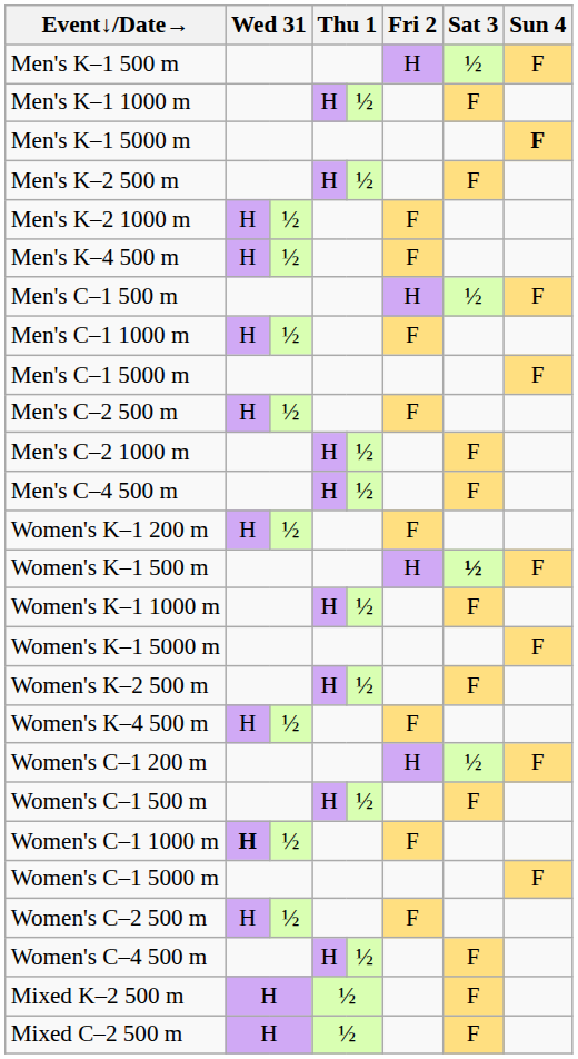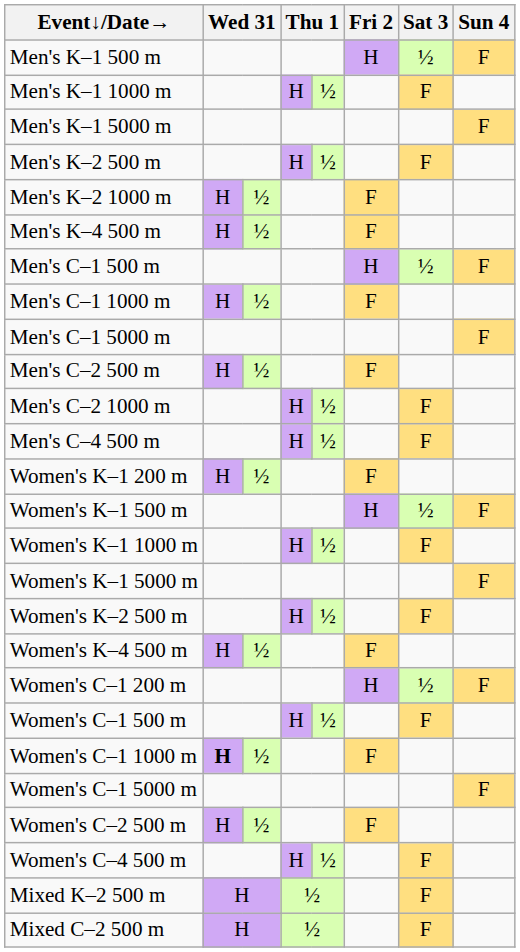 <table class=wikitable style="font-size:90%; text-align:center">
 <tr>
 <th>Event↓/Date→</th>
 <th colspan=2>Wed 31</th>
 <th colspan=2>Thu 1</th>
 <th>Fri 2</th>
 <th>Sat 3</th>
 <th>Sun 4</th>
 </tr>
 <tr>
 <td align=left>Men's K–1 500 m</td>
 <td colspan=2></td>
 <td colspan=2></td>
 <td bgcolor=#d0a9f5>H</td>
 <td bgcolor=#d9ffb2>½</td>
 <td bgcolor=#ffdf80>F</td>
 </tr>
 <tr>
 <td align=left>Men's K–1 1000 m</td>
 <td colspan=2></td>
 <td bgcolor=#d0a9f5>H</td>
 <td bgcolor=#d9ffb2>½</td>
 <td></td>
 <td bgcolor=#ffdf80>F</td>
 <td></td>
 </tr>
 <tr>
 <td align=left>Men's K–1 5000 m</td>
 <td colspan=2></td>
 <td colspan=2></td>
 <td></td>
 <td></td>
-<td bgcolor=#ffdf80><strong>F</strong></td>
+<td bgcolor=#ffdf80>F</td>
 </tr>
 <tr>
 <td align=left>Men's K–2 500 m</td>
 <td colspan=2></td>
 <td bgcolor=#d0a9f5>H</td>
 <td bgcolor=#d9ffb2>½</td>
 <td></td>
 <td bgcolor=#ffdf80>F</td>
 </tr>
 <tr>
 <td align=left>Men's K–2 1000 m</td>
 <td bgcolor=#d0a9f5>H</td>
 <td bgcolor=#d9ffb2>½</td>
 <td colspan=2></td>
 <td bgcolor=#ffdf80>F</td>
 <td></td>
 <td></td>
 </tr>
 <tr>
 <td align=left>Men's K–4 500 m</td>
 <td bgcolor=#d0a9f5>H</td>
 <td bgcolor=#d9ffb2>½</td>
 <td colspan=2></td>
 <td bgcolor=#ffdf80>F</td>
 <td></td>
 <td></td>
 </tr>
 <tr>
 <td align=left>Men's C–1 500 m</td>
 <td colspan=2></td>
 <td colspan=2></td>
 <td bgcolor=#d0a9f5>H</td>
 <td bgcolor=#d9ffb2>½</td>
 <td bgcolor=#ffdf80>F</td>
 </tr>
 <tr>
 <td align=left>Men's C–1 1000 m</td>
 <td bgcolor=#d0a9f5>H</td>
 <td bgcolor=#d9ffb2>½</td>
 <td colspan=2></td>
 <td bgcolor=#ffdf80>F</td>
 <td></td>
 <td></td>
 </tr>
 <tr>
 <td align=left>Men's C–1 5000 m</td>
 <td colspan=2></td>
 <td colspan=2></td>
 <td></td>
 <td></td>
 <td bgcolor=#ffdf80>F</td>
 </tr>
 <tr>
 <td align=left>Men's C–2 500 m</td>
 <td bgcolor=#d0a9f5>H</td>
 <td bgcolor=#d9ffb2>½</td>
 <td colspan=2></td>
 <td bgcolor=#ffdf80>F</td>
 <td></td>
 <td></td>
 </tr>
 <tr>
 <td align=left>Men's C–2 1000 m</td>
 <td colspan=2></td>
 <td bgcolor=#d0a9f5>H</td>
 <td bgcolor=#d9ffb2>½</td>
 <td></td>
 <td bgcolor=#ffdf80>F</td>
 <td></td>
 </tr>
 <tr>
 <td align=left>Men's C–4 500 m</td>
 <td colspan=2></td>
 <td bgcolor=#d0a9f5>H</td>
 <td bgcolor=#d9ffb2>½</td>
 <td></td>
 <td bgcolor=#ffdf80>F</td>
 <td></td>
 </tr>
 <tr>
 <td align=left>Women's K–1 200 m</td>
 <td bgcolor=#d0a9f5>H</td>
 <td bgcolor=#d9ffb2>½</td>
 <td colspan=2></td>
 <td bgcolor=#ffdf80>F</td>
 <td></td>
 <td></td>
 </tr>
 <tr>
 <td align=left>Women's K–1 500 m</td>
 <td colspan=2></td>
 <td colspan=2></td>
 <td bgcolor=#d0a9f5>H</td>
-<td bgcolor=#d9ffb2><strong>½</strong></td>
+<td bgcolor=#d9ffb2>½</td>
 <td bgcolor=#ffdf80>F</td>
 </tr>
 <tr>
 <td align=left>Women's K–1 1000 m</td>
 <td colspan=2></td>
 <td bgcolor=#d0a9f5>H</td>
 <td bgcolor=#d9ffb2>½</td>
 <td></td>
 <td bgcolor=#ffdf80>F</td>
 <td></td>
 </tr>
 <tr>
 <td align=left>Women's K–1 5000 m</td>
 <td colspan=2></td>
 <td colspan=2></td>
 <td></td>
 <td></td>
 <td bgcolor=#ffdf80>F</td>
 </tr>
 <tr>
 <td align=left>Women's K–2 500 m</td>
 <td colspan=2></td>
 <td bgcolor=#d0a9f5>H</td>
 <td bgcolor=#d9ffb2>½</td>
 <td></td>
 <td bgcolor=#ffdf80>F</td>
 <td></td>
 </tr>
 <tr>
 <td align=left>Women's K–4 500 m</td>
 <td bgcolor=#d0a9f5>H</td>
 <td bgcolor=#d9ffb2>½</td>
 <td colspan=2></td>
 <td bgcolor=#ffdf80>F</td>
 <td></td>
 <td></td>
 </tr>
 <tr>
 <td align=left>Women's C–1 200 m</td>
 <td colspan=2></td>
 <td colspan=2></td>
 <td bgcolor=#d0a9f5>H</td>
 <td bgcolor=#d9ffb2>½</td>
 <td bgcolor=#ffdf80>F</td>
 </tr>
 <tr>
 <td align=left>Women's C–1 500 m</td>
 <td colspan=2></td>
 <td bgcolor=#d0a9f5>H</td>
 <td bgcolor=#d9ffb2>½</td>
 <td></td>
 <td bgcolor=#ffdf80>F</td>
 <td></td>
 </tr>
 <tr>
 <td align=left>Women's C–1 1000 m</td>
 <td bgcolor=#d0a9f5><strong>H</strong></td>
 <td bgcolor=#d9ffb2>½</td>
 <td colspan=2></td>
 <td bgcolor=#ffdf80>F</td>
 <td></td>
 <td></td>
 </tr>
 <tr>
 <td align=left>Women's C–1 5000 m</td>
 <td colspan=2></td>
 <td colspan=2></td>
 <td></td>
 <td></td>
 <td bgcolor=#ffdf80>F</td>
 </tr>
 <tr>
 <td align=left>Women's C–2 500 m</td>
 <td bgcolor=#d0a9f5>H</td>
 <td bgcolor=#d9ffb2>½</td>
 <td colspan=2></td>
 <td bgcolor=#ffdf80>F</td>
 <td></td>
 <td></td>
 </tr>
 <tr>
 <td align=left>Women's C–4 500 m</td>
 <td colspan=2></td>
 <td bgcolor=#d0a9f5>H</td>
 <td bgcolor=#d9ffb2>½</td>
 <td></td>
 <td bgcolor=#ffdf80>F</td>
 <td></td>
 </tr>
 <tr>
 <td align=left>Mixed K–2 500 m</td>
 <td colspan=2 bgcolor=#d0a9f5>H</td>
 <td colspan=2 bgcolor=#d9ffb2>½</td>
 <td></td>
 <td bgcolor=#ffdf80>F</td>
 <td></td>
 </tr>
 <tr>
 <td align=left>Mixed C–2 500 m</td>
 <td colspan=2 bgcolor=#d0a9f5>H</td>
 <td colspan=2 bgcolor=#d9ffb2>½</td>
 <td></td>
 <td bgcolor=#ffdf80>F</td>
 <td></td>
 </tr>
 </table>
